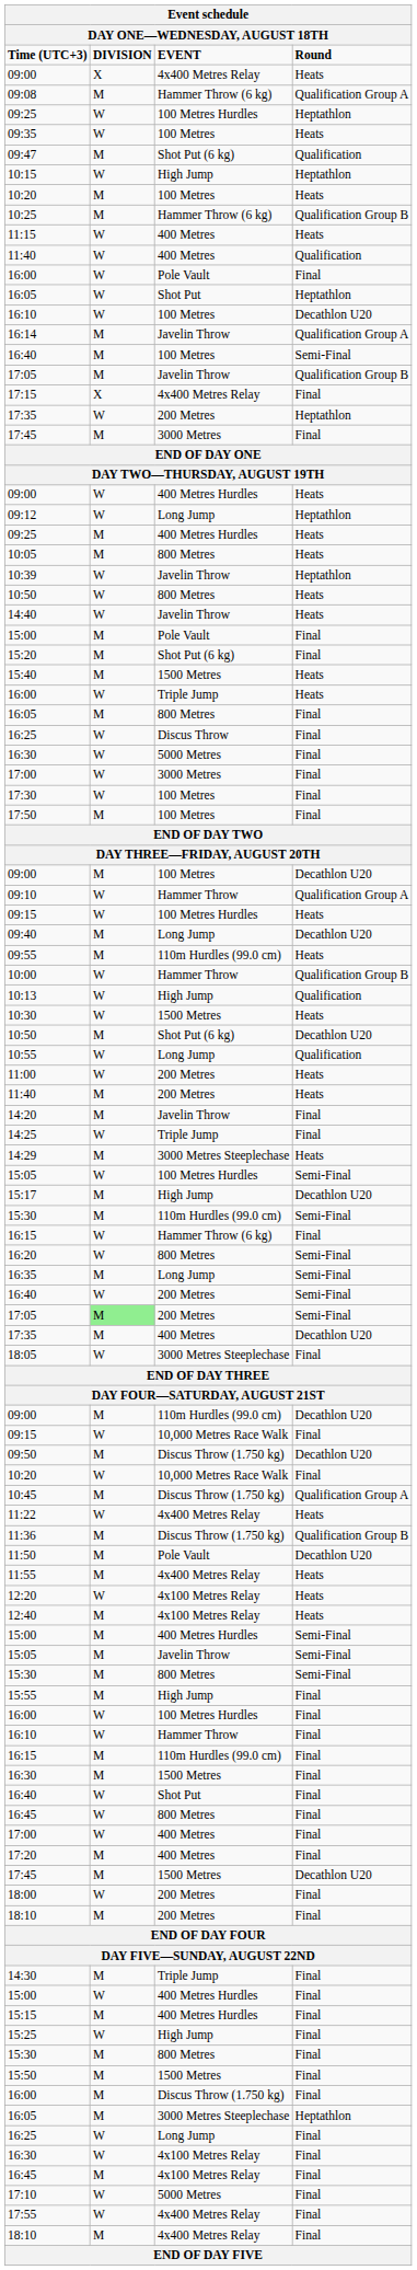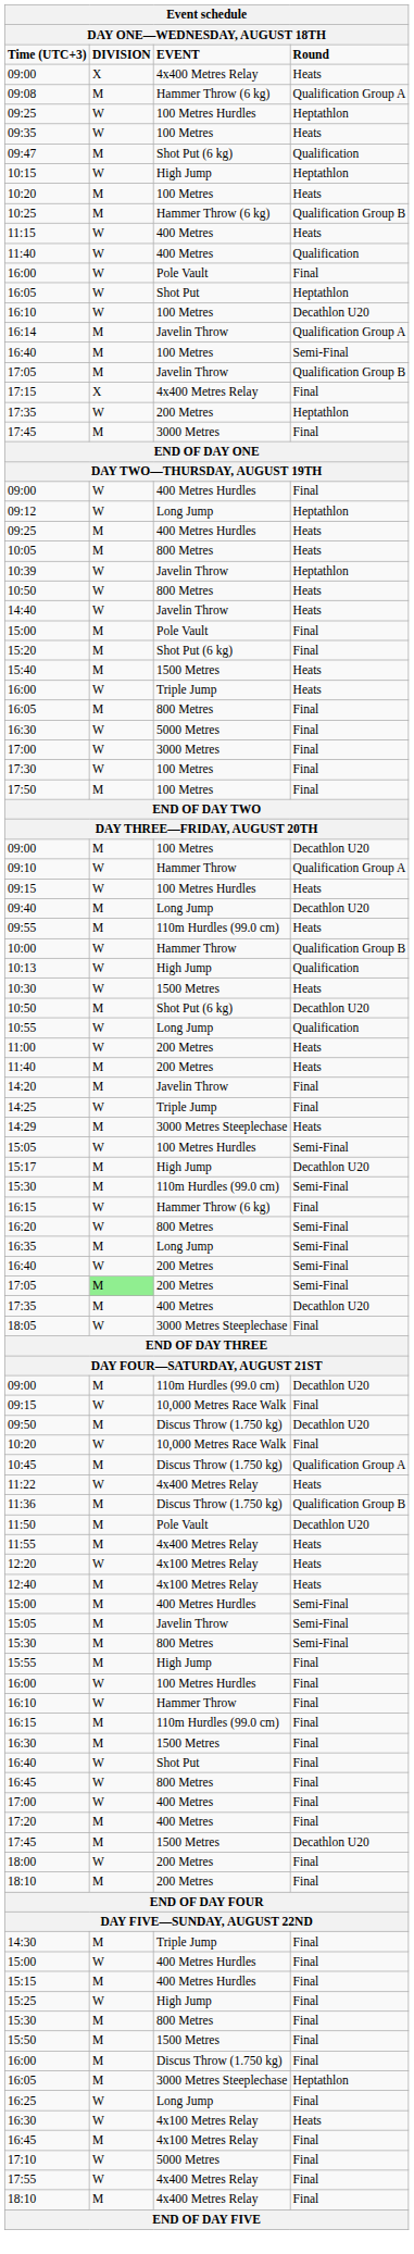 <table class="wikitable collapsible collapsed" style="border:0; position:relative; font-size:100%;">
 <tr>
 <th colspan="4">Event schedule</th>
 </tr>
 <tr>
 <th colspan="4">DAY ONE—WEDNESDAY, AUGUST 18TH</th>
 </tr>
 <tr>
 <td><strong>Time (UTC+3)</strong></td>
 <td><strong>DIVISION</strong></td>
 <td><strong>EVENT</strong></td>
 <td><strong>Round</strong></td>
 </tr>
 <tr>
 <td>09:00</td>
 <td>X</td>
 <td>4x400 Metres Relay</td>
 <td>Heats</td>
 </tr>
 <tr>
 <td>09:08</td>
 <td>M</td>
 <td>Hammer Throw (6 kg)</td>
 <td>Qualification Group A</td>
 </tr>
 <tr>
 <td>09:25</td>
 <td>W</td>
 <td>100 Metres Hurdles</td>
 <td>Heptathlon</td>
 </tr>
 <tr>
 <td>09:35</td>
 <td>W</td>
 <td>100 Metres</td>
 <td>Heats</td>
 </tr>
 <tr>
 <td>09:47</td>
 <td>M</td>
 <td>Shot Put (6 kg)</td>
 <td>Qualification</td>
 </tr>
 <tr>
 <td>10:15</td>
 <td>W</td>
 <td>High Jump</td>
 <td>Heptathlon</td>
 </tr>
 <tr>
 <td>10:20</td>
 <td>M</td>
 <td>100 Metres</td>
 <td>Heats</td>
 </tr>
 <tr>
 <td>10:25</td>
 <td>M</td>
 <td>Hammer Throw (6 kg)</td>
 <td>Qualification Group B</td>
 </tr>
 <tr>
 <td>11:15</td>
 <td>W</td>
 <td>400 Metres</td>
 <td>Heats</td>
 </tr>
 <tr>
 <td>11:40</td>
 <td>W</td>
 <td>400 Metres</td>
 <td>Qualification</td>
 </tr>
 <tr>
 <td>16:00</td>
 <td>W</td>
 <td>Pole Vault</td>
 <td>Final</td>
 </tr>
 <tr>
 <td>16:05</td>
 <td>W</td>
 <td>Shot Put</td>
 <td>Heptathlon</td>
 </tr>
 <tr>
 <td>16:10</td>
 <td>W</td>
 <td>100 Metres</td>
 <td>Decathlon U20</td>
 </tr>
 <tr>
 <td>16:14</td>
 <td>M</td>
 <td>Javelin Throw</td>
 <td>Qualification Group A</td>
 </tr>
 <tr>
 <td>16:40</td>
 <td>M</td>
 <td>100 Metres</td>
 <td>Semi-Final</td>
 </tr>
 <tr>
 <td>17:05</td>
 <td>M</td>
 <td>Javelin Throw</td>
 <td>Qualification Group B</td>
 </tr>
 <tr>
 <td>17:15</td>
 <td>X</td>
 <td>4x400 Metres Relay</td>
 <td>Final</td>
 </tr>
 <tr>
 <td>17:35</td>
 <td>W</td>
 <td>200 Metres</td>
 <td>Heptathlon</td>
 </tr>
 <tr>
 <td>17:45</td>
 <td>M</td>
 <td>3000 Metres</td>
 <td>Final</td>
 </tr>
 <tr>
 <th colspan="4">END OF DAY ONE</th>
 </tr>
 <tr>
 <th colspan="4">DAY TWO—THURSDAY, AUGUST 19TH</th>
 </tr>
 <tr>
 <td>09:00</td>
 <td>W</td>
 <td>400 Metres Hurdles</td>
-<td>Heats</td>
+<td>Final</td>
 </tr>
 <tr>
 <td>09:12</td>
 <td>W</td>
 <td>Long Jump</td>
 <td>Heptathlon</td>
 </tr>
 <tr>
 <td>09:25</td>
 <td>M</td>
 <td>400 Metres Hurdles</td>
 <td>Heats</td>
 </tr>
 <tr>
 <td>10:05</td>
 <td>M</td>
 <td>800 Metres</td>
 <td>Heats</td>
 </tr>
 <tr>
 <td>10:39</td>
 <td>W</td>
 <td>Javelin Throw</td>
 <td>Heptathlon</td>
 </tr>
 <tr>
 <td>10:50</td>
 <td>W</td>
 <td>800 Metres</td>
 <td>Heats</td>
 </tr>
 <tr>
 <td>14:40</td>
 <td>W</td>
 <td>Javelin Throw</td>
 <td>Heats</td>
 </tr>
 <tr>
 <td>15:00</td>
 <td>M</td>
 <td>Pole Vault</td>
 <td>Final</td>
 </tr>
 <tr>
 <td>15:20</td>
 <td>M</td>
 <td>Shot Put (6 kg)</td>
 <td>Final</td>
 </tr>
 <tr>
 <td>15:40</td>
 <td>M</td>
 <td>1500 Metres</td>
 <td>Heats</td>
 </tr>
 <tr>
 <td>16:00</td>
 <td>W</td>
 <td>Triple Jump</td>
 <td>Heats</td>
 </tr>
 <tr>
 <td>16:05</td>
 <td>M</td>
 <td>800 Metres</td>
-<td>Final</td>
-</tr>
-<tr>
-<td>16:25</td>
-<td>W</td>
-<td>Discus Throw</td>
 <td>Final</td>
 </tr>
 <tr>
 <td>16:30</td>
 <td>W</td>
 <td>5000 Metres</td>
 <td>Final</td>
 </tr>
 <tr>
 <td>17:00</td>
 <td>W</td>
 <td>3000 Metres</td>
 <td>Final</td>
 </tr>
 <tr>
 <td>17:30</td>
 <td>W</td>
 <td>100 Metres</td>
 <td>Final</td>
 </tr>
 <tr>
 <td>17:50</td>
 <td>M</td>
 <td>100 Metres</td>
 <td>Final</td>
 </tr>
 <tr>
 <th colspan="4">END OF DAY TWO</th>
 </tr>
 <tr>
 <th colspan="4">DAY THREE—FRIDAY, AUGUST 20TH</th>
 </tr>
 <tr>
 <td>09:00</td>
 <td>M</td>
 <td>100 Metres</td>
 <td>Decathlon U20</td>
 </tr>
 <tr>
 <td>09:10</td>
 <td>W</td>
 <td>Hammer Throw</td>
 <td>Qualification Group A</td>
 </tr>
 <tr>
 <td>09:15</td>
 <td>W</td>
 <td>100 Metres Hurdles</td>
 <td>Heats</td>
 </tr>
 <tr>
 <td>09:40</td>
 <td>M</td>
 <td>Long Jump</td>
 <td>Decathlon U20</td>
 </tr>
 <tr>
 <td>09:55</td>
 <td>M</td>
 <td>110m Hurdles (99.0 cm)</td>
 <td>Heats</td>
 </tr>
 <tr>
 <td>10:00</td>
 <td>W</td>
 <td>Hammer Throw</td>
 <td>Qualification Group B</td>
 </tr>
 <tr>
 <td>10:13</td>
 <td>W</td>
 <td>High Jump</td>
 <td>Qualification</td>
 </tr>
 <tr>
 <td>10:30</td>
 <td>W</td>
 <td>1500 Metres</td>
 <td>Heats</td>
 </tr>
 <tr>
 <td>10:50</td>
 <td>M</td>
 <td>Shot Put (6 kg)</td>
 <td>Decathlon U20</td>
 </tr>
 <tr>
 <td>10:55</td>
 <td>W</td>
 <td>Long Jump</td>
 <td>Qualification</td>
 </tr>
 <tr>
 <td>11:00</td>
 <td>W</td>
 <td>200 Metres</td>
 <td>Heats</td>
 </tr>
 <tr>
 <td>11:40</td>
 <td>M</td>
 <td>200 Metres</td>
 <td>Heats</td>
 </tr>
 <tr>
 <td>14:20</td>
 <td>M</td>
 <td>Javelin Throw</td>
 <td>Final</td>
 </tr>
 <tr>
 <td>14:25</td>
 <td>W</td>
 <td>Triple Jump</td>
 <td>Final</td>
 </tr>
 <tr>
 <td>14:29</td>
 <td>M</td>
 <td>3000 Metres Steeplechase</td>
 <td>Heats</td>
 </tr>
 <tr>
 <td>15:05</td>
 <td>W</td>
 <td>100 Metres Hurdles</td>
 <td>Semi-Final</td>
 </tr>
 <tr>
 <td>15:17</td>
 <td>M</td>
 <td>High Jump</td>
 <td>Decathlon U20</td>
 </tr>
 <tr>
 <td>15:30</td>
 <td>M</td>
 <td>110m Hurdles (99.0 cm)</td>
 <td>Semi-Final</td>
 </tr>
 <tr>
 <td>16:15</td>
 <td>W</td>
 <td>Hammer Throw (6 kg)</td>
 <td>Final</td>
 </tr>
 <tr>
 <td>16:20</td>
 <td>W</td>
 <td>800 Metres</td>
 <td>Semi-Final</td>
 </tr>
 <tr>
 <td>16:35</td>
 <td>M</td>
 <td>Long Jump</td>
 <td>Semi-Final</td>
 </tr>
 <tr>
 <td>16:40</td>
 <td>W</td>
 <td>200 Metres</td>
 <td>Semi-Final</td>
 </tr>
 <tr>
 <td>17:05</td>
 <td style="background: lightgreen;">M</td>
 <td>200 Metres</td>
 <td>Semi-Final</td>
 </tr>
 <tr>
 <td>17:35</td>
 <td>M</td>
 <td>400 Metres</td>
 <td>Decathlon U20</td>
 </tr>
 <tr>
 <td>18:05</td>
 <td>W</td>
 <td>3000 Metres Steeplechase</td>
 <td>Final</td>
 </tr>
 <tr>
 <th colspan="4">END OF DAY THREE</th>
 </tr>
 <tr>
 <th colspan="4">DAY FOUR—SATURDAY, AUGUST 21ST</th>
 </tr>
 <tr>
 <td>09:00</td>
 <td>M</td>
 <td>110m Hurdles (99.0 cm)</td>
 <td>Decathlon U20</td>
 </tr>
 <tr>
 <td>09:15</td>
 <td>W</td>
 <td>10,000 Metres Race Walk</td>
 <td>Final</td>
 </tr>
 <tr>
 <td>09:50</td>
 <td>M</td>
 <td>Discus Throw (1.750 kg)</td>
 <td>Decathlon U20</td>
 </tr>
 <tr>
 <td>10:20</td>
 <td>W</td>
 <td>10,000 Metres Race Walk</td>
 <td>Final</td>
 </tr>
 <tr>
 <td>10:45</td>
 <td>M</td>
 <td>Discus Throw (1.750 kg)</td>
 <td>Qualification Group A</td>
 </tr>
 <tr>
 <td>11:22</td>
 <td>W</td>
 <td>4x400 Metres Relay</td>
 <td>Heats</td>
 </tr>
 <tr>
 <td>11:36</td>
 <td>M</td>
 <td>Discus Throw (1.750 kg)</td>
 <td>Qualification Group B</td>
 </tr>
 <tr>
 <td>11:50</td>
 <td>M</td>
 <td>Pole Vault</td>
 <td>Decathlon U20</td>
 </tr>
 <tr>
 <td>11:55</td>
 <td>M</td>
 <td>4x400 Metres Relay</td>
 <td>Heats</td>
 </tr>
 <tr>
 <td>12:20</td>
 <td>W</td>
 <td>4x100 Metres Relay</td>
 <td>Heats</td>
 </tr>
 <tr>
 <td>12:40</td>
 <td>M</td>
 <td>4x100 Metres Relay</td>
 <td>Heats</td>
 </tr>
 <tr>
 <td>15:00</td>
 <td>M</td>
 <td>400 Metres Hurdles</td>
 <td>Semi-Final</td>
 </tr>
 <tr>
 <td>15:05</td>
 <td>M</td>
 <td>Javelin Throw</td>
 <td>Semi-Final</td>
 </tr>
 <tr>
 <td>15:30</td>
 <td>M</td>
 <td>800 Metres</td>
 <td>Semi-Final</td>
 </tr>
 <tr>
 <td>15:55</td>
 <td>M</td>
 <td>High Jump</td>
 <td>Final</td>
 </tr>
 <tr>
 <td>16:00</td>
 <td>W</td>
 <td>100 Metres Hurdles</td>
 <td>Final</td>
 </tr>
 <tr>
 <td>16:10</td>
 <td>W</td>
 <td>Hammer Throw</td>
 <td>Final</td>
 </tr>
 <tr>
 <td>16:15</td>
 <td>M</td>
 <td>110m Hurdles (99.0 cm)</td>
 <td>Final</td>
 </tr>
 <tr>
 <td>16:30</td>
 <td>M</td>
 <td>1500 Metres</td>
 <td>Final</td>
 </tr>
 <tr>
 <td>16:40</td>
 <td>W</td>
 <td>Shot Put</td>
 <td>Final</td>
 </tr>
 <tr>
 <td>16:45</td>
 <td>W</td>
 <td>800 Metres</td>
 <td>Final</td>
 </tr>
 <tr>
 <td>17:00</td>
 <td>W</td>
 <td>400 Metres</td>
 <td>Final</td>
 </tr>
 <tr>
 <td>17:20</td>
 <td>M</td>
 <td>400 Metres</td>
 <td>Final</td>
 </tr>
 <tr>
 <td>17:45</td>
 <td>M</td>
 <td>1500 Metres</td>
 <td>Decathlon U20</td>
 </tr>
 <tr>
 <td>18:00</td>
 <td>W</td>
 <td>200 Metres</td>
 <td>Final</td>
 </tr>
 <tr>
 <td>18:10</td>
 <td>M</td>
 <td>200 Metres</td>
 <td>Final</td>
 </tr>
 <tr>
 <th colspan="4">END OF DAY FOUR</th>
 </tr>
 <tr>
 <th colspan="4">DAY FIVE—SUNDAY, AUGUST 22ND</th>
 </tr>
 <tr>
 <td>14:30</td>
 <td>M</td>
 <td>Triple Jump</td>
 <td>Final</td>
 </tr>
 <tr>
 <td>15:00</td>
 <td>W</td>
 <td>400 Metres Hurdles</td>
 <td>Final</td>
 </tr>
 <tr>
 <td>15:15</td>
 <td>M</td>
 <td>400 Metres Hurdles</td>
 <td>Final</td>
 </tr>
 <tr>
 <td>15:25</td>
 <td>W</td>
 <td>High Jump</td>
 <td>Final</td>
 </tr>
 <tr>
 <td>15:30</td>
 <td>M</td>
 <td>800 Metres</td>
 <td>Final</td>
 </tr>
 <tr>
 <td>15:50</td>
 <td>M</td>
 <td>1500 Metres</td>
 <td>Final</td>
 </tr>
 <tr>
 <td>16:00</td>
 <td>M</td>
 <td>Discus Throw (1.750 kg)</td>
 <td>Final</td>
 </tr>
 <tr>
 <td>16:05</td>
 <td>M</td>
 <td>3000 Metres Steeplechase</td>
 <td>Heptathlon</td>
 </tr>
 <tr>
 <td>16:25</td>
 <td>W</td>
 <td>Long Jump</td>
 <td>Final</td>
 </tr>
 <tr>
 <td>16:30</td>
 <td>W</td>
 <td>4x100 Metres Relay</td>
-<td>Final</td>
+<td>Heats</td>
 </tr>
 <tr>
 <td>16:45</td>
 <td>M</td>
 <td>4x100 Metres Relay</td>
 <td>Final</td>
 </tr>
 <tr>
 <td>17:10</td>
 <td>W</td>
 <td>5000 Metres</td>
 <td>Final</td>
 </tr>
 <tr>
 <td>17:55</td>
 <td>W</td>
 <td>4x400 Metres Relay</td>
 <td>Final</td>
 </tr>
 <tr>
 <td>18:10</td>
 <td>M</td>
 <td>4x400 Metres Relay</td>
 <td>Final</td>
 </tr>
 <tr>
 <th colspan="4">END OF DAY FIVE</th>
 </tr>
 </table>
